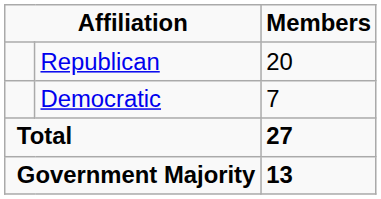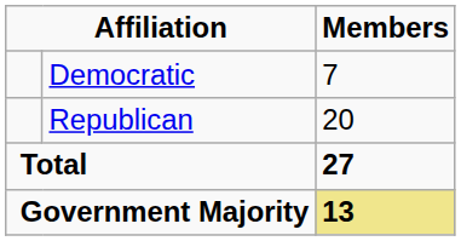 <table class="wikitable">
 <tr>
 <td colspan="2" rowspan="1" align="center" valign="top"><strong>Affiliation</strong></td>
 <td style="vertical-align:top;"><strong>Members</strong></td>
 </tr>
 <tr>
 <td style="background-color:"> </td>
-<td><a href='#'>Republican</a></td>
-<td>20</td>
+<td><a href='#'>Democratic</a></td>
+<td>7</td>
 </tr>
 <tr>
 <td style="background-color:"> </td>
-<td><a href='#'>Democratic</a></td>
-<td>7</td>
+<td><a href='#'>Republican</a></td>
+<td>20</td>
 </tr>
 <tr>
 <td colspan="2" rowspan="1"> <strong>Total</strong></td>
 <td><strong>27</strong></td>
 </tr>
 <tr>
 <td colspan="2" rowspan="1"> <strong>Government Majority</strong></td>
-<td><strong>13</strong></td>
+<td style="background: khaki;"><strong>13</strong></td>
 </tr>
 </table>
